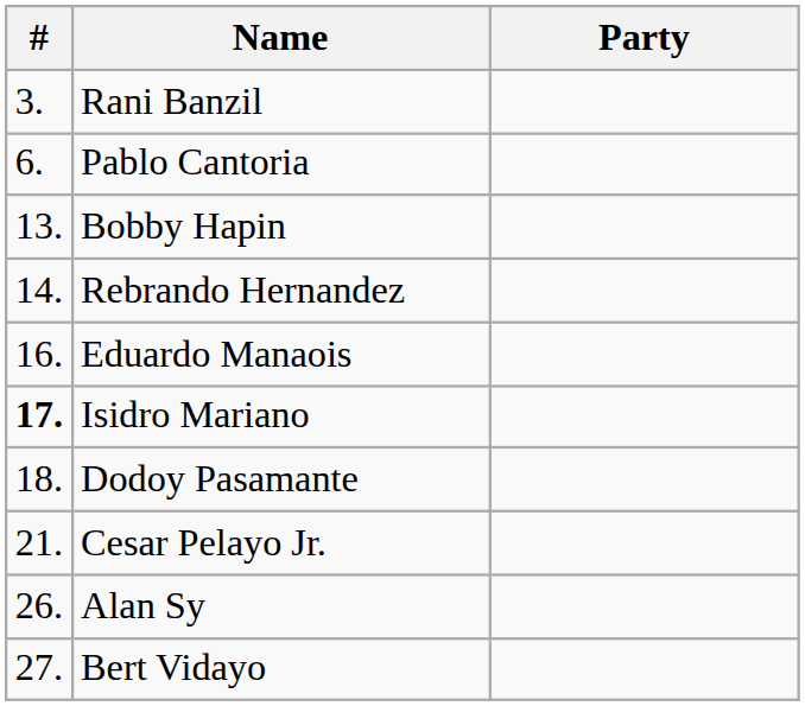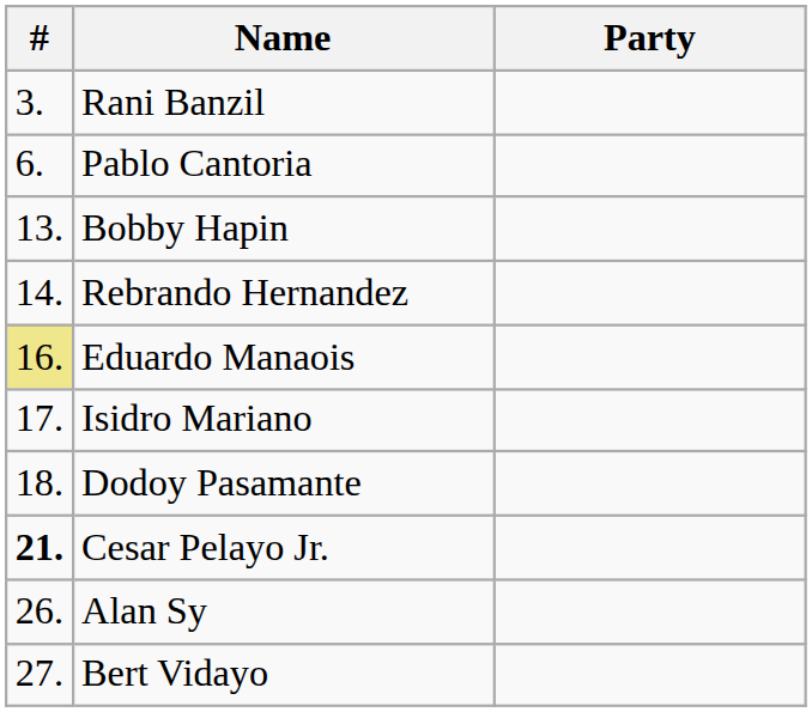 <table class=wikitable style="font-size:90%">
 <tr>
 <th>#</th>
 <th width=150px>Name</th>
 <th colspan=2 width=110px>Party</th>
 </tr>
 <tr>
 <td>3.</td>
 <td>Rani Banzil</td>
 <td></td>
 </tr>
 <tr>
 <td>6.</td>
 <td>Pablo Cantoria</td>
 <td></td>
 </tr>
 <tr>
 <td>13.</td>
 <td>Bobby Hapin</td>
 <td></td>
 </tr>
 <tr>
 <td>14.</td>
 <td>Rebrando Hernandez</td>
 <td></td>
 </tr>
 <tr>
-<td>16.</td>
+<td style="background: khaki;">16.</td>
 <td>Eduardo Manaois</td>
 <td></td>
 </tr>
 <tr>
-<td><strong>17.</strong></td>
+<td>17.</td>
 <td>Isidro Mariano</td>
 <td></td>
 </tr>
 <tr>
 <td>18.</td>
 <td>Dodoy Pasamante</td>
 <td></td>
 </tr>
 <tr>
-<td>21.</td>
+<td><strong>21.</strong></td>
 <td>Cesar Pelayo Jr.</td>
 <td></td>
 </tr>
 <tr>
 <td>26.</td>
 <td>Alan Sy</td>
 <td></td>
 </tr>
 <tr>
 <td>27.</td>
 <td>Bert Vidayo</td>
 <td></td>
 </tr>
 </table>
